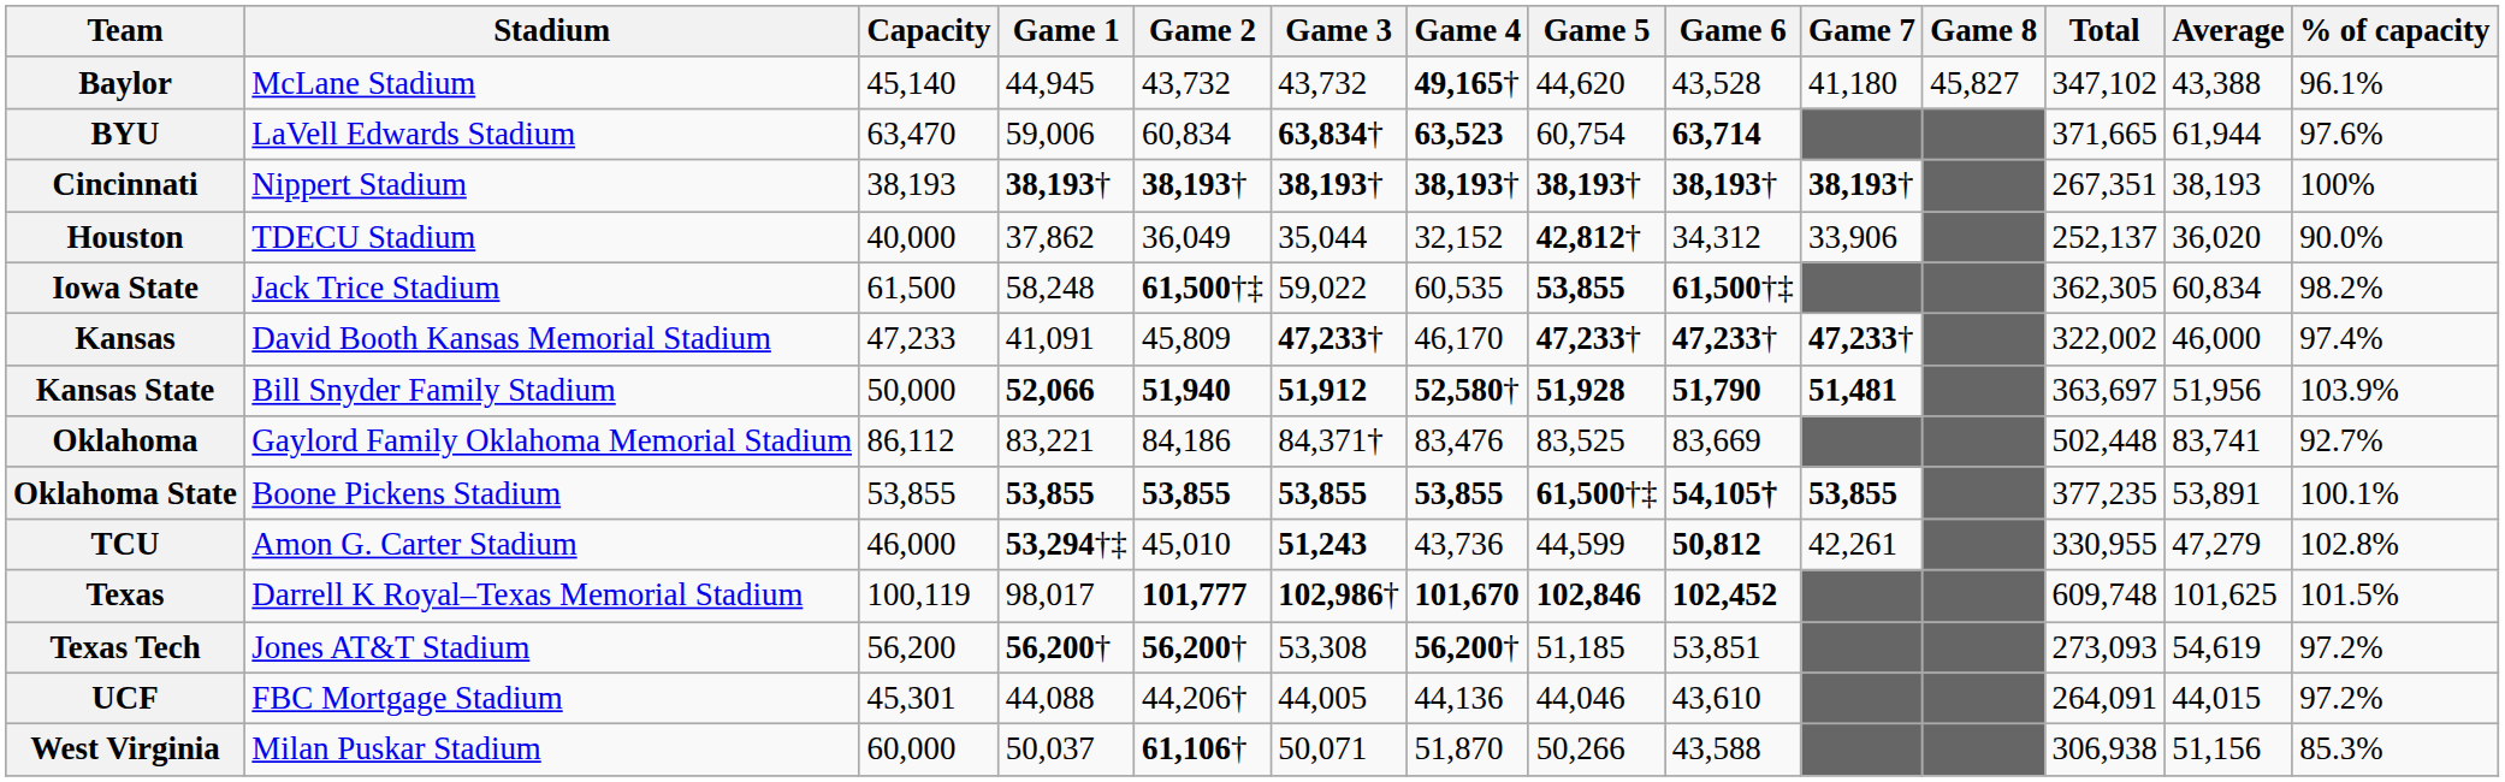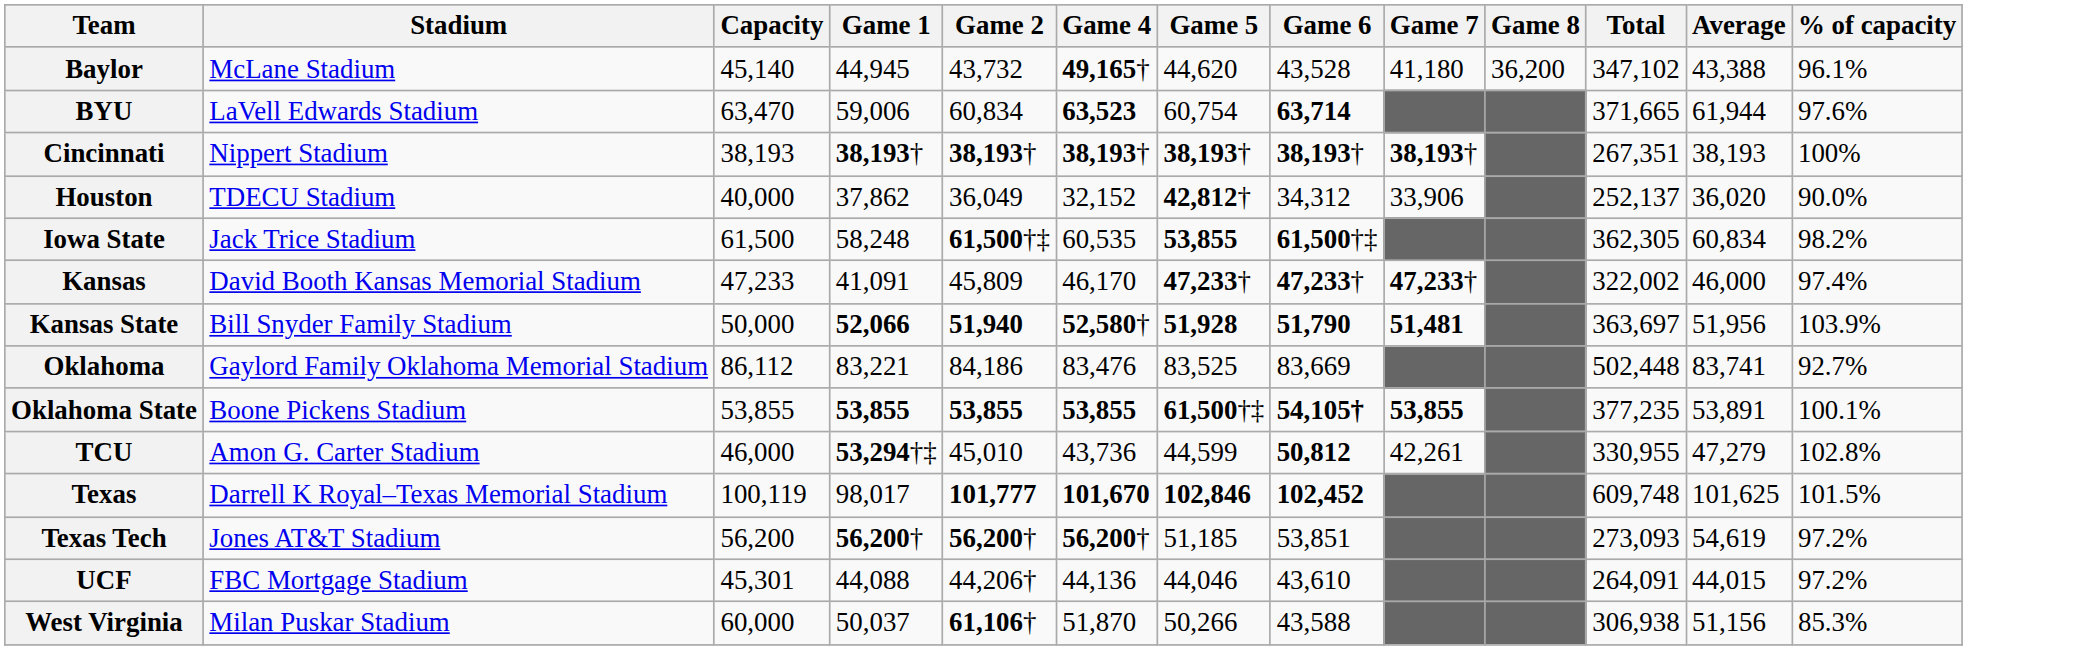 <table class="wikitable sortable">
 <tr>
 <th>Team</th>
 <th>Stadium</th>
 <th>Capacity</th>
 <th>Game 1</th>
 <th>Game 2</th>
-<th>Game 3</th>
 <th>Game 4</th>
 <th>Game 5</th>
 <th>Game 6</th>
 <th>Game 7</th>
 <th>Game 8</th>
 <th>Total</th>
 <th>Average</th>
 <th>% of capacity</th>
 </tr>
 <tr>
 <th>Baylor</th>
 <td><a href='#'>McLane Stadium</a></td>
 <td>45,140</td>
 <td>44,945</td>
 <td>43,732</td>
-<td>43,732</td>
 <td><strong>49,165</strong>†</td>
 <td>44,620</td>
 <td>43,528</td>
 <td>41,180</td>
-<td>45,827</td>
+<td>36,200</td>
 <td>347,102</td>
 <td>43,388</td>
 <td>96.1%</td>
 </tr>
 <tr>
 <th>BYU</th>
 <td><a href='#'>LaVell Edwards Stadium</a></td>
 <td>63,470</td>
 <td>59,006</td>
 <td>60,834</td>
-<td><strong>63,834</strong>†</td>
 <td><strong>63,523</strong></td>
 <td>60,754</td>
 <td><strong>63,714</strong></td>
 <td style="background:#666666;"></td>
 <td style="background:#666666;"></td>
 <td>371,665</td>
 <td>61,944</td>
 <td>97.6%</td>
 </tr>
 <tr>
 <th>Cincinnati</th>
 <td><a href='#'>Nippert Stadium</a></td>
 <td>38,193</td>
 <td><strong>38,193</strong>†</td>
 <td><strong>38,193</strong>†</td>
 <td><strong>38,193</strong>†</td>
 <td><strong>38,193</strong>†</td>
 <td><strong>38,193</strong>†</td>
 <td><strong>38,193</strong>†</td>
-<td><strong>38,193</strong>†</td>
 <td style="background:#666666;"></td>
 <td>267,351</td>
 <td>38,193</td>
 <td>100%</td>
 </tr>
 <tr>
 <th>Houston</th>
 <td><a href='#'>TDECU Stadium</a></td>
 <td>40,000</td>
 <td>37,862</td>
 <td>36,049</td>
-<td>35,044</td>
 <td>32,152</td>
 <td><strong>42,812</strong>†</td>
 <td>34,312</td>
 <td>33,906</td>
 <td style="background:#666666;"></td>
 <td>252,137</td>
 <td>36,020</td>
 <td>90.0%</td>
 </tr>
 <tr>
 <th>Iowa State</th>
 <td><a href='#'>Jack Trice Stadium</a></td>
 <td>61,500</td>
 <td>58,248</td>
 <td><strong>61,500</strong>†‡</td>
-<td>59,022</td>
 <td>60,535</td>
 <td><strong>53,855</strong></td>
 <td><strong>61,500</strong>†‡</td>
 <td style="background:#666666;"></td>
 <td style="background:#666666;"></td>
 <td>362,305</td>
 <td>60,834</td>
 <td>98.2%</td>
 </tr>
 <tr>
 <th>Kansas</th>
 <td><a href='#'>David Booth Kansas Memorial Stadium</a></td>
 <td>47,233</td>
 <td>41,091</td>
 <td>45,809</td>
-<td><strong>47,233</strong>†</td>
 <td>46,170</td>
 <td><strong>47,233</strong>†</td>
 <td><strong>47,233</strong>†</td>
 <td><strong>47,233</strong>†</td>
 <td style="background:#666666;"></td>
 <td>322,002</td>
 <td>46,000</td>
 <td>97.4%</td>
 </tr>
 <tr>
 <th>Kansas State</th>
 <td><a href='#'>Bill Snyder Family Stadium</a></td>
 <td>50,000</td>
 <td><strong>52,066</strong></td>
 <td><strong>51,940</strong></td>
-<td><strong>51,912</strong></td>
 <td><strong>52,580</strong>†</td>
 <td><strong>51,928</strong></td>
 <td><strong>51,790</strong></td>
 <td><strong>51,481</strong></td>
 <td style="background:#666666;"></td>
 <td>363,697</td>
 <td>51,956</td>
 <td>103.9%</td>
 </tr>
 <tr>
 <th>Oklahoma</th>
 <td><a href='#'>Gaylord Family Oklahoma Memorial Stadium</a></td>
 <td>86,112</td>
 <td>83,221</td>
 <td>84,186</td>
-<td>84,371†</td>
 <td>83,476</td>
 <td>83,525</td>
 <td>83,669</td>
 <td style="background:#666666;"></td>
 <td style="background:#666666;"></td>
 <td>502,448</td>
 <td>83,741</td>
 <td>92.7%</td>
 </tr>
 <tr>
 <th>Oklahoma State</th>
 <td><a href='#'>Boone Pickens Stadium</a></td>
 <td>53,855</td>
-<td><strong>53,855</strong></td>
 <td><strong>53,855</strong></td>
 <td><strong>53,855</strong></td>
 <td><strong>53,855</strong></td>
 <td><strong>61,500</strong>†‡</td>
 <td><strong>54,105†</strong></td>
 <td><strong>53,855</strong></td>
 <td style="background:#666666;"></td>
 <td>377,235</td>
 <td>53,891</td>
 <td>100.1%</td>
 </tr>
 <tr>
 <th>TCU</th>
 <td><a href='#'>Amon G. Carter Stadium</a></td>
 <td>46,000</td>
 <td><strong>53,294</strong>†‡</td>
 <td>45,010</td>
-<td><strong>51,243</strong></td>
 <td>43,736</td>
 <td>44,599</td>
 <td><strong>50,812</strong></td>
 <td>42,261</td>
 <td style="background:#666666;"></td>
 <td>330,955</td>
 <td>47,279</td>
 <td>102.8%</td>
 </tr>
 <tr>
 <th>Texas</th>
 <td><a href='#'>Darrell K Royal–Texas Memorial Stadium</a></td>
 <td>100,119</td>
 <td>98,017</td>
 <td><strong>101,777</strong></td>
-<td><strong>102,986</strong>†</td>
 <td><strong>101,670</strong></td>
 <td><strong>102,846</strong></td>
 <td><strong>102,452</strong></td>
 <td style="background:#666666;"></td>
 <td style="background:#666666;"></td>
 <td>609,748</td>
 <td>101,625</td>
 <td>101.5%</td>
 </tr>
 <tr>
 <th>Texas Tech</th>
 <td><a href='#'>Jones AT&T Stadium</a></td>
 <td>56,200</td>
 <td><strong>56,200</strong>†</td>
 <td><strong>56,200</strong>†</td>
-<td>53,308</td>
 <td><strong>56,200</strong>†</td>
 <td>51,185</td>
 <td>53,851</td>
 <td style="background:#666666;"></td>
 <td style="background:#666666;"></td>
 <td>273,093</td>
 <td>54,619</td>
 <td>97.2%</td>
 </tr>
 <tr>
 <th>UCF</th>
 <td><a href='#'>FBC Mortgage Stadium</a></td>
 <td>45,301</td>
 <td>44,088</td>
 <td>44,206†</td>
-<td>44,005</td>
 <td>44,136</td>
 <td>44,046</td>
 <td>43,610</td>
 <td style="background:#666666;"></td>
 <td style="background:#666666;"></td>
 <td>264,091</td>
 <td>44,015</td>
 <td>97.2%</td>
 </tr>
 <tr>
 <th>West Virginia</th>
 <td><a href='#'>Milan Puskar Stadium</a></td>
 <td>60,000</td>
 <td>50,037</td>
 <td><strong>61,106</strong>†</td>
-<td>50,071</td>
 <td>51,870</td>
 <td>50,266</td>
 <td>43,588</td>
 <td style="background:#666666;"></td>
 <td style="background:#666666;"></td>
 <td>306,938</td>
 <td>51,156</td>
 <td>85.3%</td>
 </tr>
 </table>
